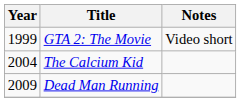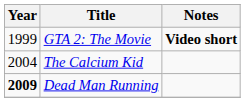 <table class="wikitable sortable">
 <tr>
 <th>Year</th>
 <th>Title</th>
 <th>Notes</th>
 </tr>
 <tr>
 <td>1999</td>
 <td><em><a href='#'>GTA 2: The Movie</a></em></td>
-<td>Video short</td>
+<td><strong>Video short</strong></td>
 </tr>
 <tr>
 <td>2004</td>
 <td><em><a href='#'>The Calcium Kid</a></em></td>
 <td></td>
 </tr>
 <tr>
-<td>2009</td>
+<td><strong>2009</strong></td>
 <td><em><a href='#'>Dead Man Running</a></em></td>
 <td></td>
 </tr>
 <tr>
 </tr>
 </table>
